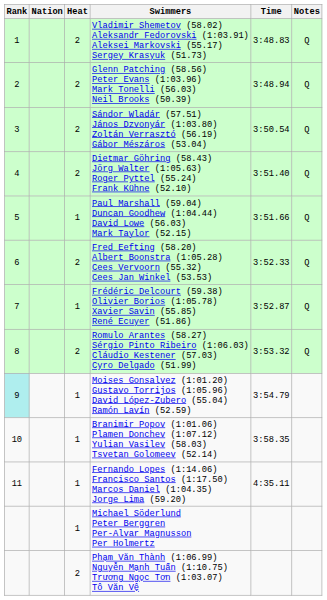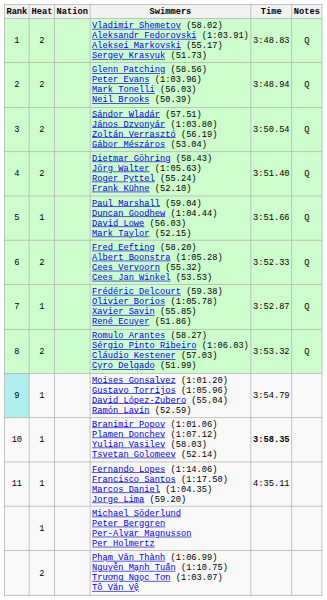 <table class="wikitable sortable" style="text-align:center">
 <tr>
 <th>Rank</th>
+<th>Heat</th>
 <th>Nation</th>
-<th>Heat</th>
 <th>Swimmers</th>
 <th>Time</th>
 <th>Notes</th>
 </tr>
 <tr bgcolor=ccffcc>
 <td>1</td>
+<td>2</td>
 <td align=left></td>
-<td>2</td>
 <td align=left><a href='#'>Vladimir Shemetov</a> (58.02)<br><a href='#'>Aleksandr Fedorovski</a> (1:03.91)<br><a href='#'>Aleksei Markovski</a> (55.17)<br><a href='#'>Sergey Krasyuk</a> (51.73)</td>
 <td>3:48.83</td>
 <td>Q</td>
 </tr>
 <tr bgcolor=ccffcc>
 <td>2</td>
+<td>2</td>
 <td align=left></td>
-<td>2</td>
 <td align=left><a href='#'>Glenn Patching</a> (58.56)<br><a href='#'>Peter Evans</a> (1:03.96)<br><a href='#'>Mark Tonelli</a> (56.03)<br><a href='#'>Neil Brooks</a> (50.39)</td>
 <td>3:48.94</td>
 <td>Q</td>
 </tr>
 <tr bgcolor=ccffcc>
 <td>3</td>
+<td>2</td>
 <td align=left></td>
-<td>2</td>
 <td align=left><a href='#'>Sándor Wladár</a> (57.51)<br><a href='#'>János Dzvonyár</a> (1:03.80)<br><a href='#'>Zoltán Verrasztó</a> (56.19)<br><a href='#'>Gábor Mészáros</a> (53.04)</td>
 <td>3:50.54</td>
 <td>Q</td>
 </tr>
 <tr bgcolor=ccffcc>
 <td>4</td>
+<td>2</td>
 <td align=left></td>
-<td>2</td>
 <td align=left><a href='#'>Dietmar Göhring</a> (58.43)<br><a href='#'>Jörg Walter</a> (1:05.63)<br><a href='#'>Roger Pyttel</a> (55.24)<br><a href='#'>Frank Kühne</a> (52.10)</td>
 <td>3:51.40</td>
 <td>Q</td>
 </tr>
 <tr bgcolor=ccffcc>
 <td>5</td>
+<td>1</td>
 <td align=left></td>
-<td>1</td>
 <td align=left><a href='#'>Paul Marshall</a> (59.04)<br><a href='#'>Duncan Goodhew</a> (1:04.44)<br><a href='#'>David Lowe</a> (56.03)<br><a href='#'>Mark Taylor</a> (52.15)</td>
 <td>3:51.66</td>
 <td>Q</td>
 </tr>
 <tr bgcolor=ccffcc>
 <td>6</td>
+<td>2</td>
 <td align=left></td>
-<td>2</td>
 <td align=left><a href='#'>Fred Eefting</a> (58.20)<br><a href='#'>Albert Boonstra</a> (1:05.28)<br><a href='#'>Cees Vervoorn</a> (55.32)<br><a href='#'>Cees Jan Winkel</a> (53.53)</td>
 <td>3:52.33</td>
 <td>Q</td>
 </tr>
 <tr bgcolor=ccffcc>
 <td>7</td>
+<td>1</td>
 <td align=left></td>
-<td>1</td>
 <td align=left><a href='#'>Frédéric Delcourt</a> (59.38)<br><a href='#'>Olivier Borios</a> (1:05.78)<br><a href='#'>Xavier Savin</a> (55.85)<br><a href='#'>René Ecuyer</a> (51.86)</td>
 <td>3:52.87</td>
 <td>Q</td>
 </tr>
 <tr bgcolor=ccffcc>
 <td>8</td>
+<td>2</td>
 <td align=left></td>
-<td>2</td>
 <td align=left><a href='#'>Romulo Arantes</a> (58.27)<br><a href='#'>Sérgio Pinto Ribeiro</a> (1:06.03)<br><a href='#'>Cláudio Kestener</a> (57.03)<br><a href='#'>Cyro Delgado</a> (51.99)</td>
 <td>3:53.32</td>
 <td>Q</td>
 </tr>
 <tr>
 <td style="background: paleturquoise;">9</td>
+<td>1</td>
 <td align=left></td>
-<td>1</td>
 <td align=left><a href='#'>Moises Gonsalvez</a> (1:01.20)<br><a href='#'>Gustavo Torrijos</a> (1:05.96)<br><a href='#'>David López-Zubero</a> (55.04)<br><a href='#'>Ramón Lavín</a> (52.59)</td>
 <td>3:54.79</td>
 <td></td>
 </tr>
 <tr>
 <td>10</td>
+<td>1</td>
 <td align=left></td>
-<td>1</td>
 <td align=left><a href='#'>Branimir Popov</a> (1:01.06)<br><a href='#'>Plamen Donchev</a> (1:07.12)<br><a href='#'>Yulian Vasilev</a> (58.03)<br><a href='#'>Tsvetan Golomeev</a> (52.14)</td>
-<td>3:58.35</td>
+<td><strong>3:58.35</strong></td>
 <td></td>
 </tr>
 <tr>
 <td>11</td>
+<td>1</td>
 <td align=left></td>
-<td>1</td>
 <td align=left><a href='#'>Fernando Lopes</a> (1:14.06)<br><a href='#'>Francisco Santos</a> (1:17.50)<br><a href='#'>Marcos Daniel</a> (1:04.35)<br><a href='#'>Jorge Lima</a> (59.20)</td>
 <td>4:35.11</td>
 <td></td>
 </tr>
 <tr>
 <td></td>
+<td>1</td>
 <td align=left></td>
-<td>1</td>
 <td align=left><a href='#'>Michael Söderlund</a><br><a href='#'>Peter Berggren</a><br><a href='#'>Per-Alvar Magnusson</a><br><a href='#'>Per Holmertz</a></td>
 <td></td>
 <td></td>
 </tr>
 <tr>
 <td></td>
+<td>2</td>
 <td align=left></td>
-<td>2</td>
 <td align=left><a href='#'>Phạm Văn Thành</a> (1:06.99)<br><a href='#'>Nguyễn Mạnh Tuấn</a> (1:10.75)<br><a href='#'>Trương Ngọc Tơn</a> (1:03.07)<br><a href='#'>Tô Văn Vệ</a></td>
 <td></td>
 <td></td>
 </tr>
 </table>
